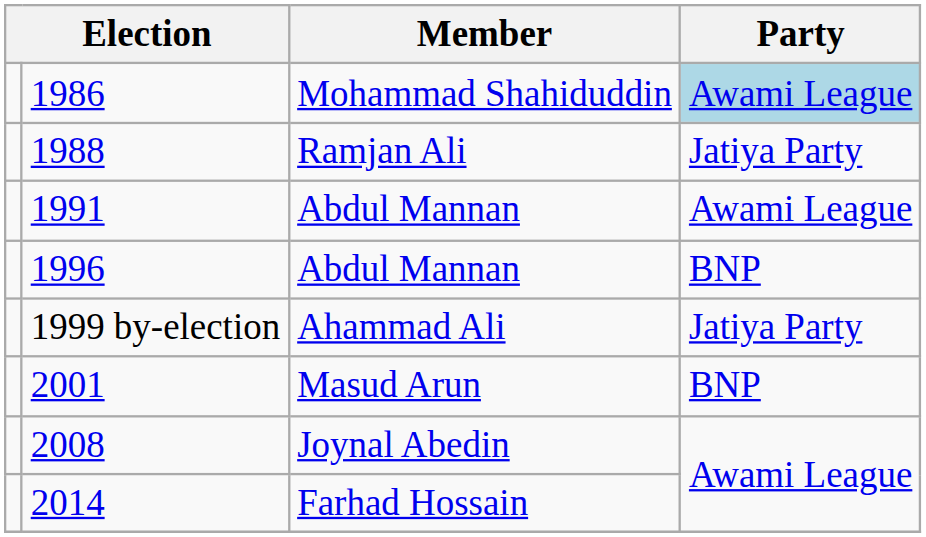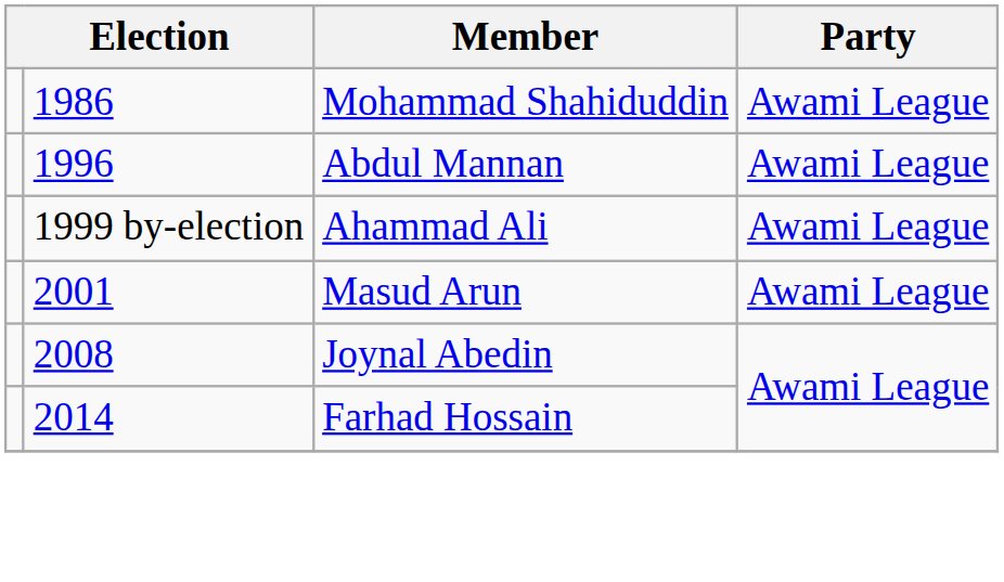 <table class="wikitable">
 <tr>
 <th colspan="2">Election</th>
 <th>Member</th>
 <th>Party</th>
 </tr>
 <tr>
 <td style="background-color:"></td>
 <td><a href='#'>1986</a></td>
 <td><a href='#'>Mohammad Shahiduddin</a></td>
-<td style="background: lightblue;"><a href='#'>Awami League</a></td>
-</tr>
-<tr>
-<td style="background-color:"></td>
-<td><a href='#'>1988</a></td>
-<td><a href='#'>Ramjan Ali</a></td>
-<td><a href='#'>Jatiya Party</a></td>
-</tr>
-<tr>
-<td style="background-color:"></td>
-<td><a href='#'>1991</a></td>
-<td><a href='#'>Abdul Mannan</a></td>
 <td><a href='#'>Awami League</a></td>
 </tr>
 <tr>
 <td style="background-color:"></td>
 <td><a href='#'>1996</a></td>
 <td><a href='#'>Abdul Mannan</a></td>
-<td><a href='#'>BNP</a></td>
+<td><a href='#'>Awami League</a></td>
 </tr>
 <tr>
 <td style="background-color:"></td>
 <td>1999 by-election</td>
 <td><a href='#'>Ahammad Ali</a></td>
-<td><a href='#'>Jatiya Party</a></td>
+<td><a href='#'>Awami League</a></td>
 </tr>
 <tr>
 <td style="background-color:"></td>
 <td><a href='#'>2001</a></td>
 <td><a href='#'>Masud Arun</a></td>
-<td><a href='#'>BNP</a></td>
+<td><a href='#'>Awami League</a></td>
 </tr>
 <tr>
 <td style="background-color:"></td>
 <td><a href='#'>2008</a></td>
 <td><a href='#'>Joynal Abedin</a></td>
 <td rowspan="2"><a href='#'>Awami League</a></td>
 </tr>
 <tr>
 <td style="background-color:"></td>
 <td><a href='#'>2014</a></td>
 <td><a href='#'>Farhad Hossain</a></td>
 </tr>
 <tr>
 </tr>
 </table>
